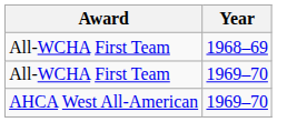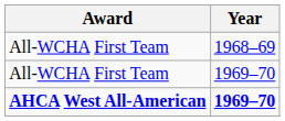 <table class="wikitable">
 <tr>
 <th>Award</th>
 <th>Year</th>
 </tr>
 <tr>
 <td>All-<a href='#'>WCHA</a> <a href='#'>First Team</a></td>
 <td><a href='#'>1968–69</a></td>
 </tr>
 <tr>
 <td>All-<a href='#'>WCHA</a> <a href='#'>First Team</a></td>
 <td><a href='#'>1969–70</a></td>
 </tr>
 <tr>
-<td><a href='#'>AHCA</a> <a href='#'>West All-American</a></td>
-<td><a href='#'>1969–70</a></td>
+<td><strong><a href='#'>AHCA</a> <a href='#'>West All-American</a></strong></td>
+<td><strong><a href='#'>1969–70</a></strong></td>
 </tr>
 <tr>
 </tr>
 </table>
